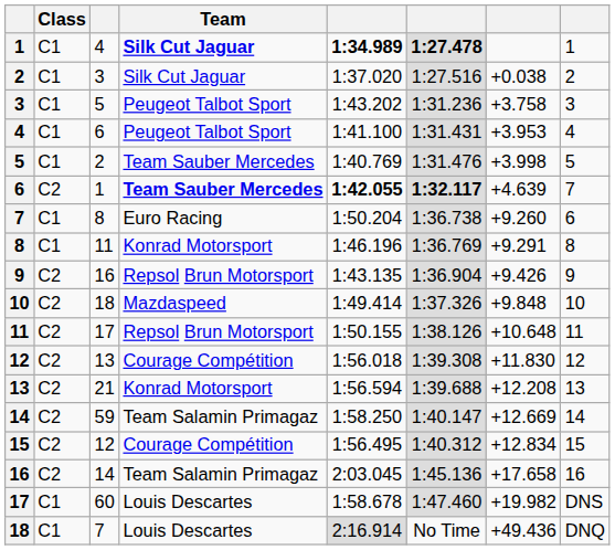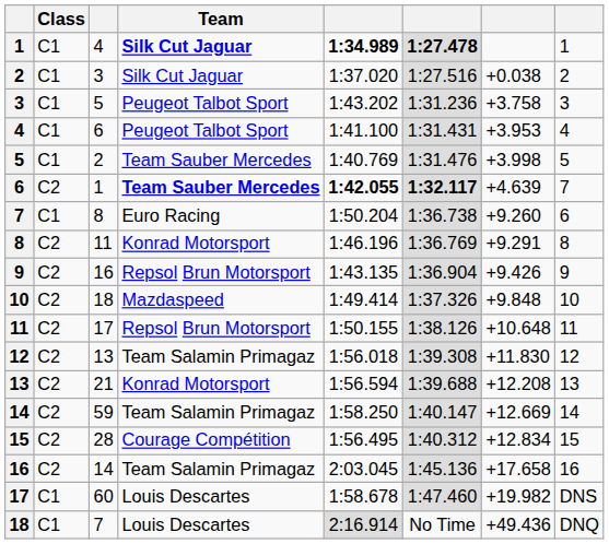 <table class="wikitable sortable" style="font-size: 85%;">
 <tr>
 <th scope=col></th>
 <th scope=col>Class</th>
 <th scope=col></th>
 <th scope=col>Team</th>
 <th scope=col></th>
 <th></th>
 <th scope=col></th>
 <th scope=col></th>
 </tr>
 <tr>
 <th>1</th>
 <td>C1</td>
 <td>4</td>
 <td><strong> <a href='#'>Silk Cut Jaguar</a></strong></td>
 <td align="center"><strong>1:34.989</strong></td>
 <td align="center" style="background:#ddd;"><strong>1:27.478</strong></td>
 <td></td>
 <td>1</td>
 </tr>
 <tr>
 <th>2</th>
 <td>C1</td>
 <td>3</td>
 <td> <a href='#'>Silk Cut Jaguar</a></td>
 <td align="center">1:37.020</td>
 <td align="center" style="background:#ddd;">1:27.516</td>
 <td>+0.038</td>
 <td>2</td>
 </tr>
 <tr>
 <th>3</th>
 <td>C1</td>
 <td>5</td>
 <td> <a href='#'>Peugeot Talbot Sport</a></td>
 <td align="center">1:43.202</td>
 <td align="center" style="background:#ddd;">1:31.236</td>
 <td>+3.758</td>
 <td>3</td>
 </tr>
 <tr>
 <th>4</th>
 <td>C1</td>
 <td>6</td>
 <td> <a href='#'>Peugeot Talbot Sport</a></td>
 <td align="center">1:41.100</td>
 <td align="center" style="background:#ddd;">1:31.431</td>
 <td>+3.953</td>
 <td>4</td>
 </tr>
 <tr>
 <th>5</th>
 <td>C1</td>
 <td>2</td>
 <td> <a href='#'>Team Sauber Mercedes</a></td>
 <td align="center">1:40.769</td>
 <td align="center" style="background:#ddd;">1:31.476</td>
 <td>+3.998</td>
 <td>5</td>
 </tr>
 <tr>
 <th>6</th>
 <td>C2</td>
 <td>1</td>
 <td><strong> <a href='#'>Team Sauber Mercedes</a></strong></td>
 <td align="center"><strong>1:42.055</strong></td>
 <td align="center" style="background:#ddd;"><strong>1:32.117</strong></td>
 <td>+4.639</td>
 <td>7</td>
 </tr>
 <tr>
 <th>7</th>
 <td>C1</td>
 <td>8</td>
 <td> Euro Racing</td>
 <td align="center">1:50.204</td>
 <td align="center" style="background:#ddd;">1:36.738</td>
 <td>+9.260</td>
 <td>6</td>
 </tr>
 <tr>
 <th>8</th>
-<td>C1</td>
+<td>C2</td>
 <td>11</td>
 <td> <a href='#'>Konrad Motorsport</a></td>
 <td align="center">1:46.196</td>
 <td align="center" style="background:#ddd;">1:36.769</td>
 <td>+9.291</td>
 <td>8</td>
 </tr>
 <tr>
 <th>9</th>
 <td>C2</td>
 <td>16</td>
 <td> <a href='#'>Repsol</a> <a href='#'>Brun Motorsport</a></td>
 <td align="center">1:43.135</td>
 <td align="center" style="background:#ddd;">1:36.904</td>
 <td>+9.426</td>
 <td>9</td>
 </tr>
 <tr>
 <th>10</th>
 <td>C2</td>
 <td>18</td>
 <td> <a href='#'>Mazdaspeed</a></td>
 <td align="center">1:49.414</td>
 <td align="center" style="background:#ddd;">1:37.326</td>
 <td>+9.848</td>
 <td>10</td>
 </tr>
 <tr>
 <th>11</th>
 <td>C2</td>
 <td>17</td>
 <td> <a href='#'>Repsol</a> <a href='#'>Brun Motorsport</a></td>
 <td align="center">1:50.155</td>
 <td align="center" style="background:#ddd;">1:38.126</td>
 <td>+10.648</td>
 <td>11</td>
 </tr>
 <tr>
 <th>12</th>
 <td>C2</td>
 <td>13</td>
-<td> <a href='#'>Courage Compétition</a></td>
+<td> Team Salamin Primagaz</td>
 <td align="center">1:56.018</td>
 <td align="center" style="background:#ddd;">1:39.308</td>
 <td>+11.830</td>
 <td>12</td>
 </tr>
 <tr>
 <th>13</th>
 <td>C2</td>
 <td>21</td>
 <td> <a href='#'>Konrad Motorsport</a></td>
 <td align="center">1:56.594</td>
 <td align="center" style="background:#ddd;">1:39.688</td>
 <td>+12.208</td>
 <td>13</td>
 </tr>
 <tr>
 <th>14</th>
 <td>C2</td>
 <td>59</td>
 <td> Team Salamin Primagaz</td>
 <td align="center">1:58.250</td>
 <td align="center" style="background:#ddd;">1:40.147</td>
 <td>+12.669</td>
 <td>14</td>
 </tr>
 <tr>
 <th>15</th>
 <td>C2</td>
-<td>12</td>
+<td>28</td>
 <td> <a href='#'>Courage Compétition</a></td>
 <td align="center">1:56.495</td>
 <td align="center" style="background:#ddd;">1:40.312</td>
 <td>+12.834</td>
 <td>15</td>
 </tr>
 <tr>
 <th>16</th>
 <td>C2</td>
 <td>14</td>
 <td> Team Salamin Primagaz</td>
 <td align="center">2:03.045</td>
 <td align="center" style="background:#ddd;">1:45.136</td>
 <td>+17.658</td>
 <td>16</td>
 </tr>
 <tr>
 <th>17</th>
 <td>C1</td>
 <td>60</td>
 <td> Louis Descartes</td>
 <td align="center">1:58.678</td>
 <td align="center" style="background:#ddd;">1:47.460</td>
 <td>+19.982</td>
 <td>DNS</td>
 </tr>
 <tr>
 <th>18</th>
 <td>C1</td>
 <td>7</td>
 <td> Louis Descartes</td>
 <td align="center" style="background:#ddd;">2:16.914</td>
 <td align="center">No Time</td>
 <td>+49.436</td>
 <td>DNQ</td>
 </tr>
 </table>
